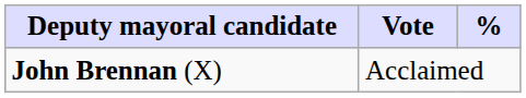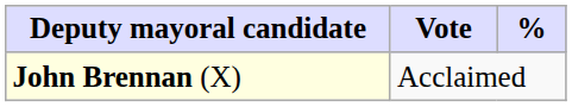 <table class="wikitable">
 <tr>
 <th style="background:#ddf; width:200px;">Deputy mayoral candidate</th>
 <th style="background:#ddf; width:50px;">Vote</th>
 <th style="background:#ddf; width:30px;">%</th>
 </tr>
 <tr>
-<td><strong>John Brennan</strong> (X)</td>
+<td style="background: lightyellow;"><strong>John Brennan</strong> (X)</td>
 <td colspan="2">Acclaimed</td>
 </tr>
 </table>
